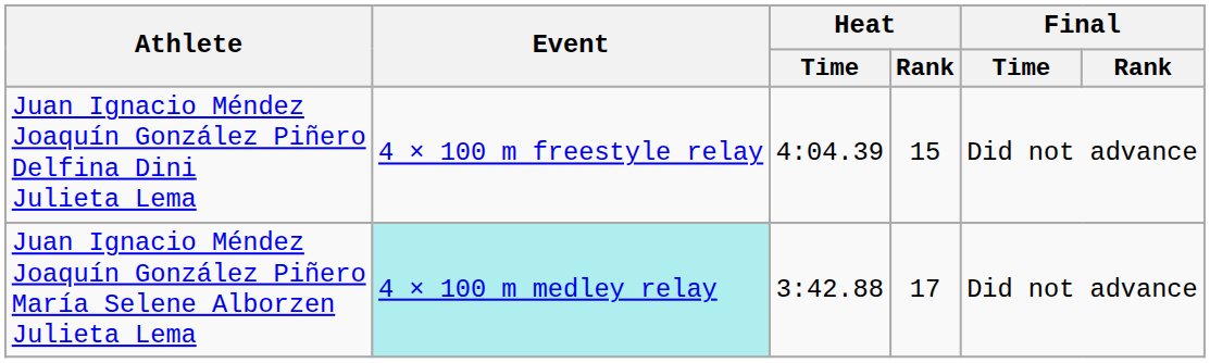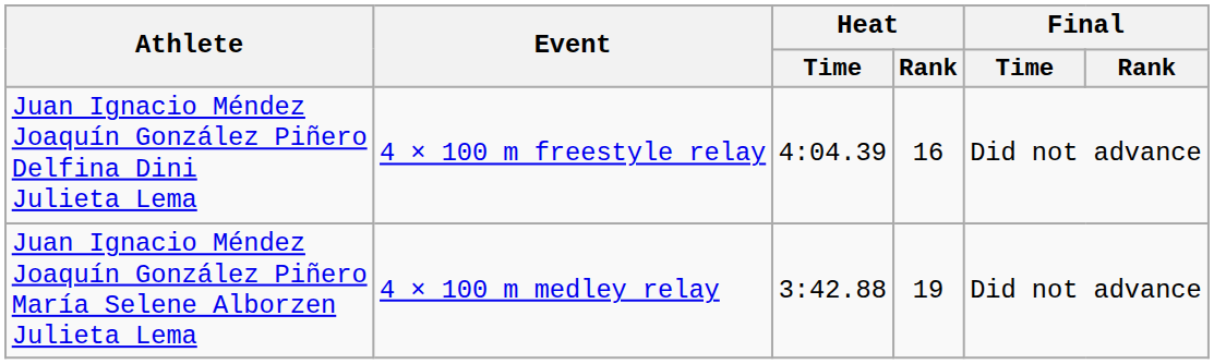 <table class=wikitable style="font-size:90%">
 <tr>
 <th rowspan=2>Athlete</th>
 <th rowspan=2>Event</th>
 <th colspan=2>Heat</th>
 <th colspan=2>Final</th>
 </tr>
 <tr style="font-size:95%">
 <th>Time</th>
 <th>Rank</th>
 <th>Time</th>
 <th>Rank</th>
 </tr>
 <tr align=center>
 <td align=left><a href='#'>Juan Ignacio Méndez</a><br><a href='#'>Joaquín González Piñero</a><br><a href='#'>Delfina Dini</a><br><a href='#'>Julieta Lema</a></td>
 <td align=left><a href='#'>4 × 100 m freestyle relay</a></td>
 <td>4:04.39</td>
-<td>15</td>
+<td>16</td>
 <td colspan=2>Did not advance</td>
 </tr>
 <tr align=center>
 <td align=left><a href='#'>Juan Ignacio Méndez</a><br><a href='#'>Joaquín González Piñero</a><br><a href='#'>María Selene Alborzen</a><br><a href='#'>Julieta Lema</a></td>
-<td align=left style="background: paleturquoise;"><a href='#'>4 × 100 m medley relay</a></td>
+<td align=left><a href='#'>4 × 100 m medley relay</a></td>
 <td>3:42.88</td>
-<td>17</td>
+<td>19</td>
 <td colspan=2>Did not advance</td>
 </tr>
 </table>
